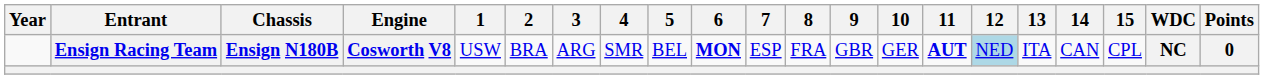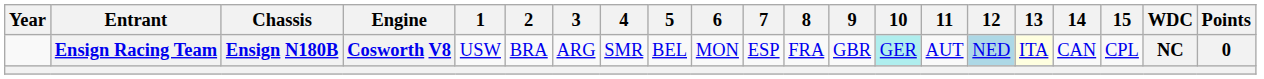 <table class="wikitable" style="text-align:center; font-size:85%">
 <tr>
 <th>Year</th>
 <th>Entrant</th>
 <th>Chassis</th>
 <th>Engine</th>
 <th>1</th>
 <th>2</th>
 <th>3</th>
 <th>4</th>
 <th>5</th>
 <th>6</th>
 <th>7</th>
 <th>8</th>
 <th>9</th>
 <th>10</th>
 <th>11</th>
 <th>12</th>
 <th>13</th>
 <th>14</th>
 <th>15</th>
 <th>WDC</th>
 <th>Points</th>
 </tr>
 <tr>
 <td></td>
 <th nowrap><a href='#'>Ensign Racing Team</a></th>
 <th nowrap><a href='#'>Ensign</a> <a href='#'>N180B</a></th>
 <th nowrap><a href='#'>Cosworth</a> <a href='#'>V8</a></th>
 <td><a href='#'>USW</a></td>
 <td><a href='#'>BRA</a><br></td>
 <td><a href='#'>ARG</a></td>
 <td><a href='#'>SMR</a></td>
 <td><a href='#'>BEL</a></td>
-<td><strong><a href='#'>MON</a></strong></td>
+<td><a href='#'>MON</a></td>
 <td><a href='#'>ESP</a></td>
 <td><a href='#'>FRA</a></td>
 <td><a href='#'>GBR</a></td>
-<td><a href='#'>GER</a></td>
-<td><strong><a href='#'>AUT</a></strong></td>
+<td style="background: paleturquoise;"><a href='#'>GER</a></td>
+<td><a href='#'>AUT</a></td>
 <td style="background: lightblue;"><a href='#'>NED</a></td>
-<td><a href='#'>ITA</a></td>
+<td style="background: lightyellow;"><a href='#'>ITA</a></td>
 <td><a href='#'>CAN</a></td>
 <td><a href='#'>CPL</a></td>
 <th>NC</th>
 <th>0</th>
 </tr>
 <tr>
 <th colspan="21"></th>
 </tr>
 </table>
